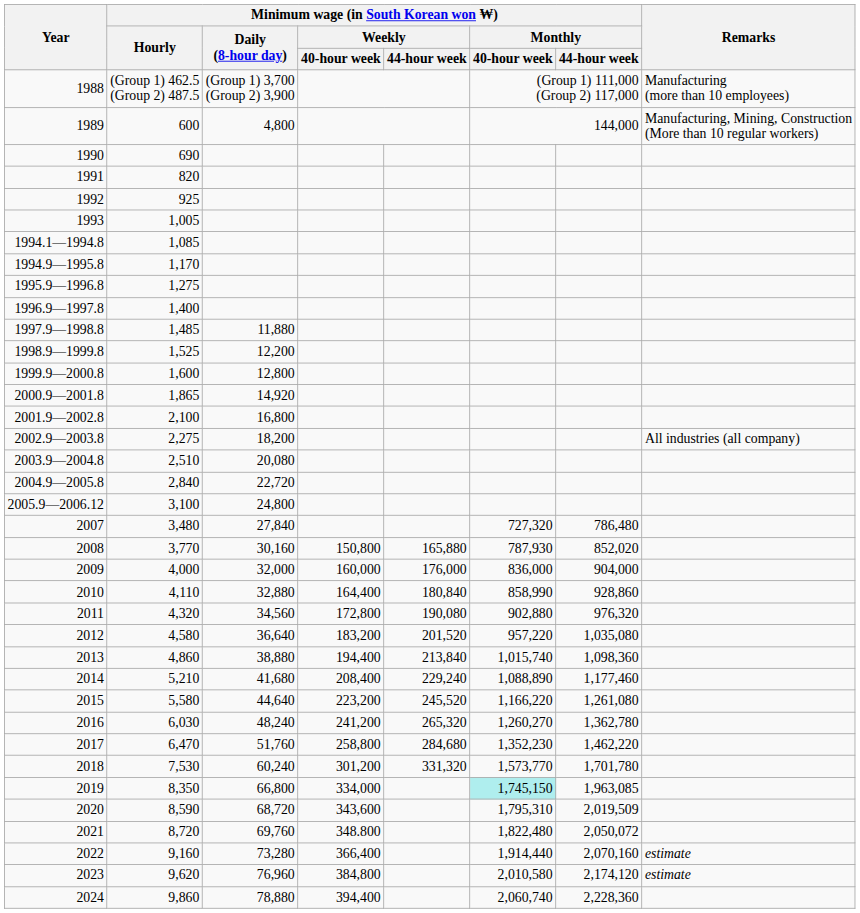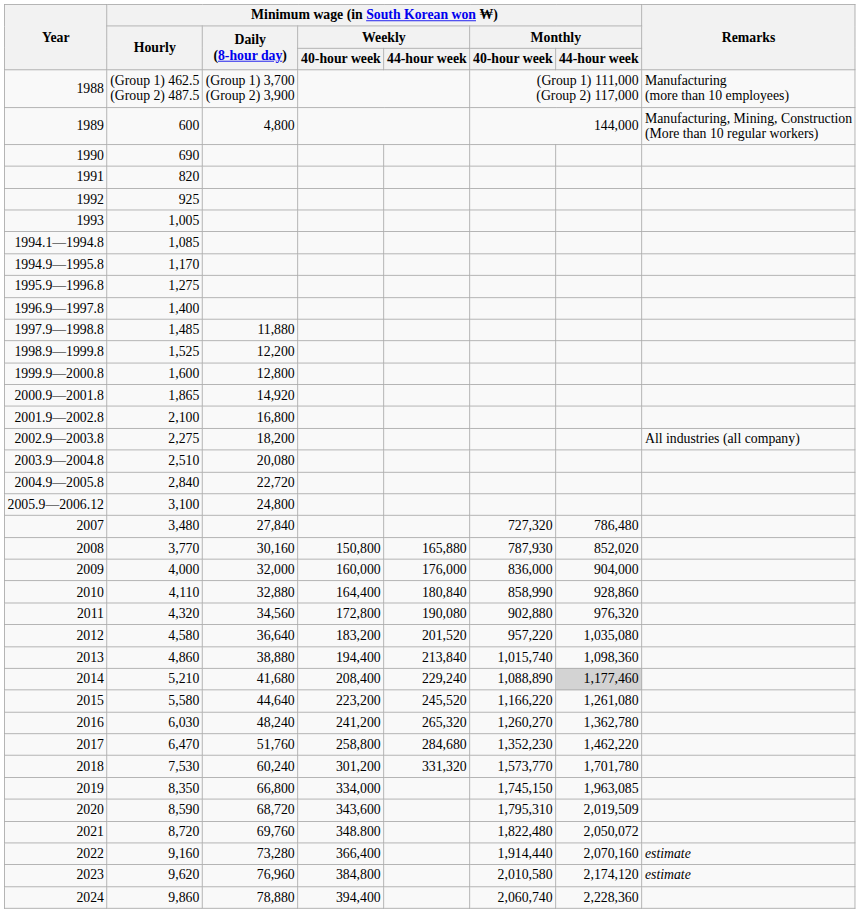 <table class=wikitable style="text-align:right;">
 <tr>
 <th rowspan=3>Year</th>
 <th colspan=6>Minimum wage (in <a href='#'>South Korean won</a> ₩)</th>
 <th rowspan=3>Remarks</th>
 </tr>
 <tr>
 <th rowspan=2>Hourly</th>
 <th rowspan=2>Daily<br>(<a href='#'>8-hour day</a>)</th>
 <th colspan=2>Weekly</th>
 <th colspan=2>Monthly</th>
 </tr>
 <tr>
 <th>40-hour week</th>
 <th>44-hour week</th>
 <th>40-hour week</th>
 <th>44-hour week</th>
 </tr>
 <tr>
 <td>1988</td>
 <td>(Group 1) 462.5<br>(Group 2) 487.5</td>
 <td>(Group 1) 3,700<br>(Group 2) 3,900</td>
 <td colspan=2></td>
 <td colspan=2>(Group 1) 111,000<br>(Group 2) 117,000</td>
 <td align=left>Manufacturing<br>(more than 10 employees)</td>
 </tr>
 <tr>
 <td>1989</td>
 <td>600</td>
 <td>4,800</td>
 <td colspan=2></td>
 <td colspan=2>144,000</td>
 <td align=left>Manufacturing, Mining, Construction<br>(More than 10 regular workers)</td>
 </tr>
 <tr>
 <td>1990</td>
 <td>690</td>
 <td></td>
 <td></td>
 <td></td>
 <td></td>
 <td></td>
 <td></td>
 </tr>
 <tr>
 <td>1991</td>
 <td>820</td>
 <td></td>
 <td></td>
 <td></td>
 <td></td>
 <td></td>
 <td></td>
 </tr>
 <tr>
 <td>1992</td>
 <td>925</td>
 <td></td>
 <td></td>
 <td></td>
 <td></td>
 <td></td>
 <td></td>
 </tr>
 <tr>
 <td>1993</td>
 <td>1,005</td>
 <td></td>
 <td></td>
 <td></td>
 <td></td>
 <td></td>
 <td></td>
 </tr>
 <tr>
 <td>1994.1—1994.8</td>
 <td>1,085</td>
 <td></td>
 <td></td>
 <td></td>
 <td></td>
 <td></td>
 <td></td>
 </tr>
 <tr>
 <td>1994.9—1995.8</td>
 <td>1,170</td>
 <td></td>
 <td></td>
 <td></td>
 <td></td>
 <td></td>
 <td></td>
 </tr>
 <tr>
 <td>1995.9—1996.8</td>
 <td>1,275</td>
 <td></td>
 <td></td>
 <td></td>
 <td></td>
 <td></td>
 <td></td>
 </tr>
 <tr>
 <td>1996.9—1997.8</td>
 <td>1,400</td>
 <td></td>
 <td></td>
 <td></td>
 <td></td>
 <td></td>
 <td></td>
 </tr>
 <tr>
 <td>1997.9—1998.8</td>
 <td>1,485</td>
 <td>11,880</td>
 <td></td>
 <td></td>
 <td></td>
 <td></td>
 <td></td>
 </tr>
 <tr>
 <td>1998.9—1999.8</td>
 <td>1,525</td>
 <td>12,200</td>
 <td></td>
 <td></td>
 <td></td>
 <td></td>
 <td></td>
 </tr>
 <tr>
 <td>1999.9—2000.8</td>
 <td>1,600</td>
 <td>12,800</td>
 <td></td>
 <td></td>
 <td></td>
 <td></td>
 <td></td>
 </tr>
 <tr>
 <td>2000.9—2001.8</td>
 <td>1,865</td>
 <td>14,920</td>
 <td></td>
 <td></td>
 <td></td>
 <td></td>
 <td></td>
 </tr>
 <tr>
 <td>2001.9—2002.8</td>
 <td>2,100</td>
 <td>16,800</td>
 <td></td>
 <td></td>
 <td></td>
 <td></td>
 <td></td>
 </tr>
 <tr>
 <td>2002.9—2003.8</td>
 <td>2,275</td>
 <td>18,200</td>
 <td></td>
 <td></td>
 <td></td>
 <td></td>
 <td align=left>All industries (all company)</td>
 </tr>
 <tr>
 <td>2003.9—2004.8</td>
 <td>2,510</td>
 <td>20,080</td>
 <td></td>
 <td></td>
 <td></td>
 <td></td>
 <td></td>
 </tr>
 <tr>
 <td>2004.9—2005.8</td>
 <td>2,840</td>
 <td>22,720</td>
 <td></td>
 <td></td>
 <td></td>
 <td></td>
 <td></td>
 </tr>
 <tr>
 <td>2005.9—2006.12</td>
 <td>3,100</td>
 <td>24,800</td>
 <td></td>
 <td></td>
 <td></td>
 <td></td>
 <td></td>
 </tr>
 <tr>
 <td>2007</td>
 <td>3,480</td>
 <td>27,840</td>
 <td></td>
 <td></td>
 <td>727,320</td>
 <td>786,480</td>
 <td></td>
 </tr>
 <tr>
 <td>2008</td>
 <td>3,770</td>
 <td>30,160</td>
 <td>150,800</td>
 <td>165,880</td>
 <td>787,930</td>
 <td>852,020</td>
 <td></td>
 </tr>
 <tr>
 <td>2009</td>
 <td>4,000</td>
 <td>32,000</td>
 <td>160,000</td>
 <td>176,000</td>
 <td>836,000</td>
 <td>904,000</td>
 <td></td>
 </tr>
 <tr>
 <td>2010</td>
 <td>4,110</td>
 <td>32,880</td>
 <td>164,400</td>
 <td>180,840</td>
 <td>858,990</td>
 <td>928,860</td>
 <td></td>
 </tr>
 <tr>
 <td>2011</td>
 <td>4,320</td>
 <td>34,560</td>
 <td>172,800</td>
 <td>190,080</td>
 <td>902,880</td>
 <td>976,320</td>
 <td></td>
 </tr>
 <tr>
 <td>2012</td>
 <td>4,580</td>
 <td>36,640</td>
 <td>183,200</td>
 <td>201,520</td>
 <td>957,220</td>
 <td>1,035,080</td>
 <td></td>
 </tr>
 <tr>
 <td>2013</td>
 <td>4,860</td>
 <td>38,880</td>
 <td>194,400</td>
 <td>213,840</td>
 <td>1,015,740</td>
 <td>1,098,360</td>
 <td></td>
 </tr>
 <tr>
 <td>2014</td>
 <td>5,210</td>
 <td>41,680</td>
 <td>208,400</td>
 <td>229,240</td>
 <td>1,088,890</td>
-<td>1,177,460</td>
+<td style="background: lightgrey;">1,177,460</td>
 <td></td>
 </tr>
 <tr>
 <td>2015</td>
 <td>5,580</td>
 <td>44,640</td>
 <td>223,200</td>
 <td>245,520</td>
 <td>1,166,220</td>
 <td>1,261,080</td>
 <td></td>
 </tr>
 <tr>
 <td>2016</td>
 <td>6,030</td>
 <td>48,240</td>
 <td>241,200</td>
 <td>265,320</td>
 <td>1,260,270</td>
 <td>1,362,780</td>
 <td></td>
 </tr>
 <tr>
 <td>2017</td>
 <td>6,470</td>
 <td>51,760</td>
 <td>258,800</td>
 <td>284,680</td>
 <td>1,352,230</td>
 <td>1,462,220</td>
 <td></td>
 </tr>
 <tr>
 <td>2018</td>
 <td>7,530</td>
 <td>60,240</td>
 <td>301,200</td>
 <td>331,320</td>
 <td>1,573,770</td>
 <td>1,701,780</td>
 <td></td>
 </tr>
 <tr>
 <td>2019</td>
 <td>8,350</td>
 <td>66,800</td>
 <td>334,000</td>
 <td></td>
-<td style="background: paleturquoise;">1,745,150</td>
+<td>1,745,150</td>
 <td>1,963,085</td>
 <td></td>
 </tr>
 <tr>
 <td>2020</td>
 <td>8,590</td>
 <td>68,720</td>
 <td>343,600</td>
 <td></td>
 <td>1,795,310</td>
 <td>2,019,509</td>
 <td></td>
 </tr>
 <tr>
 <td>2021</td>
 <td>8,720</td>
 <td>69,760</td>
 <td>348.800</td>
 <td></td>
 <td>1,822,480</td>
 <td>2,050,072</td>
 <td></td>
 </tr>
 <tr>
 <td>2022</td>
 <td>9,160</td>
 <td>73,280</td>
 <td>366,400</td>
 <td></td>
 <td>1,914,440</td>
 <td>2,070,160</td>
 <td align="left"><em>estimate</em></td>
 </tr>
 <tr>
 <td>2023</td>
 <td>9,620</td>
 <td>76,960</td>
 <td>384,800</td>
 <td></td>
 <td>2,010,580</td>
 <td>2,174,120</td>
 <td align="left"><em>estimate</em></td>
 </tr>
 <tr>
 <td>2024</td>
 <td>9,860</td>
 <td>78,880</td>
 <td>394,400</td>
 <td></td>
 <td>2,060,740</td>
 <td>2,228,360</td>
 <td></td>
 </tr>
 </table>
